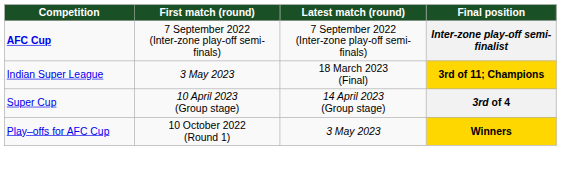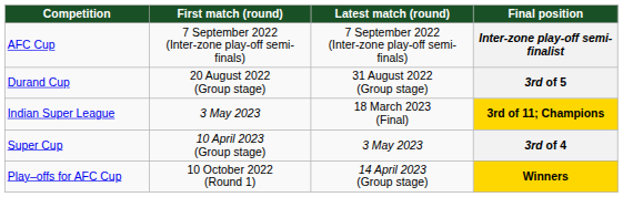 <table class="wikitable" style="text-align:center; width:850px;">
 <tr>
 <th style="text-align:center; width:150px; background:#1A5026; color:#FFFFFF; ">Competition</th>
 <th style="text-align:center; width:170px; background:#1A5026; color:#FFFFFF; ">First match (round)</th>
 <th style="text-align:center; width:170px; background:#1A5026; color:#FFFFFF; ">Latest match (round)</th>
 <th style="text-align:center; width:150px; background:#1A5026; color:#FFFFFF; ">Final position</th>
 </tr>
 <tr>
-<td style="text-align:left;"><strong><a href='#'>AFC Cup</a></strong></td>
+<td style="text-align:left;"><a href='#'>AFC Cup</a></td>
 <td>7 September 2022<br>(Inter-zone play-off semi-finals)</td>
 <td>7 September 2022<br>(Inter-zone play-off semi-finals)</td>
 <th><em>Inter-zone play-off semi-finalist</em></th>
+</tr>
+<tr>
+<td style="text-align:left;"><a href='#'>Durand Cup</a></td>
+<td>20 August 2022<br>(Group stage)</td>
+<td>31 August 2022<br>(Group stage)</td>
+<th><em>3rd</em> of 5</th>
 </tr>
 <tr>
 <td style="text-align:left;"><a href='#'>Indian Super League</a></td>
 <td><em>3 May 2023</em></td>
 <td>18 March 2023 <br>(Final)</td>
 <th style="background:Gold">3rd of 11; Champions</th>
 </tr>
 <tr>
 <td style="text-align:left;"><a href='#'>Super Cup</a></td>
 <td><em>10 April 2023</em><br>(Group stage)</td>
-<td><em>14 April 2023</em><br>(Group stage)</td>
+<td><em>3 May 2023</em></td>
 <th><em>3rd</em> of 4</th>
 </tr>
 <tr>
 <td style="text-align:left;"><a href='#'>Play–offs for AFC Cup</a></td>
 <td>10 October 2022<br>(Round 1)</td>
-<td><em>3 May 2023</em></td>
+<td><em>14 April 2023</em><br>(Group stage)</td>
 <th style="background:Gold">Winners</th>
 </tr>
 </table>
